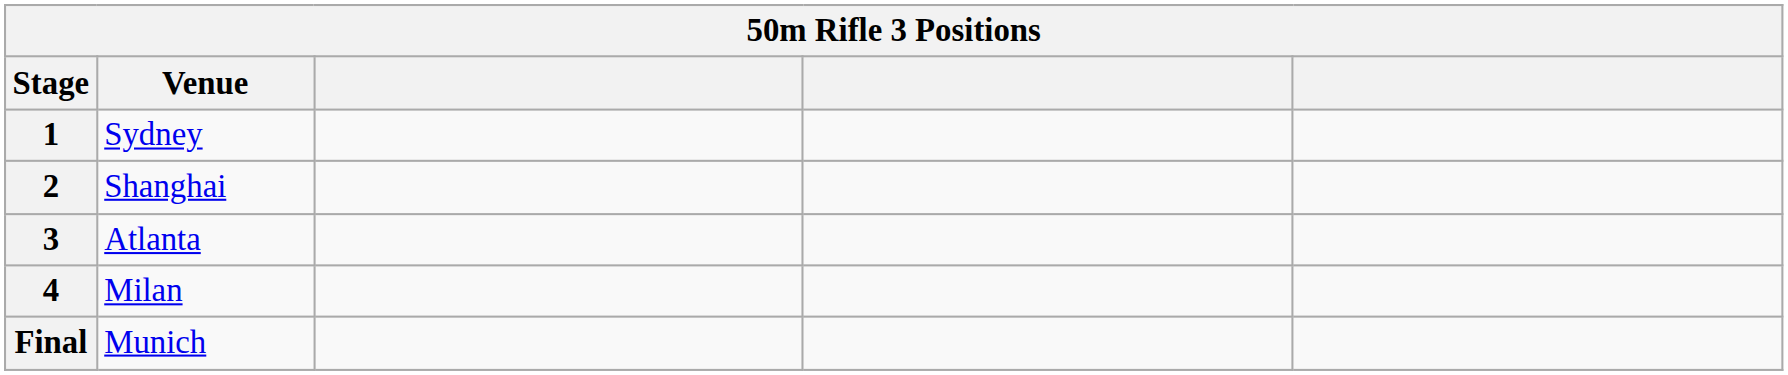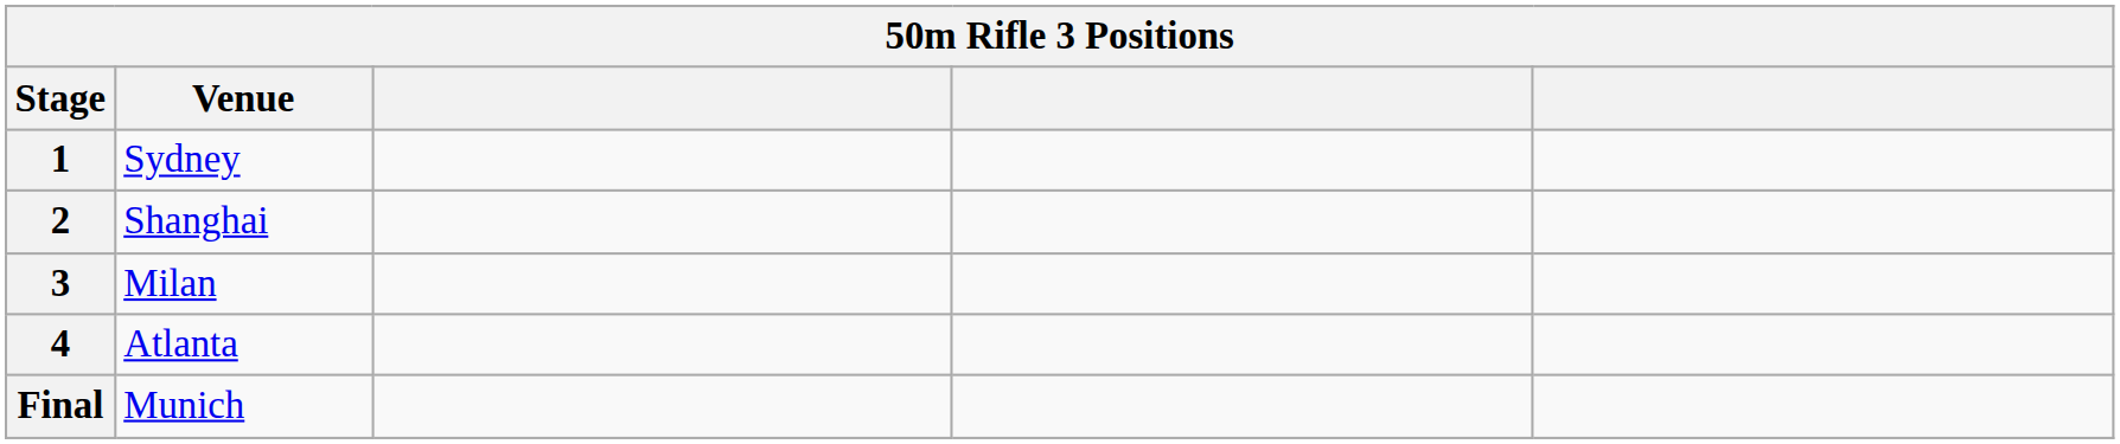 <table class="wikitable">
 <tr>
 <th colspan="5">50m Rifle 3 Positions</th>
 </tr>
 <tr>
 <th>Stage</th>
 <th width=100>Venue</th>
 <th width=240></th>
 <th width=240></th>
 <th width=240></th>
 </tr>
 <tr>
 <th>1</th>
 <td> <a href='#'>Sydney</a></td>
 <td></td>
 <td></td>
 <td></td>
 </tr>
 <tr>
 <th>2</th>
 <td> <a href='#'>Shanghai</a></td>
 <td></td>
 <td></td>
 <td></td>
 </tr>
 <tr>
 <th>3</th>
-<td> <a href='#'>Atlanta</a></td>
+<td> <a href='#'>Milan</a></td>
 <td></td>
 <td></td>
 <td></td>
 </tr>
 <tr>
 <th>4</th>
-<td> <a href='#'>Milan</a></td>
+<td> <a href='#'>Atlanta</a></td>
 <td></td>
 <td></td>
 <td></td>
 </tr>
 <tr>
 <th>Final</th>
 <td> <a href='#'>Munich</a></td>
 <td></td>
 <td></td>
 <td></td>
 </tr>
 </table>
